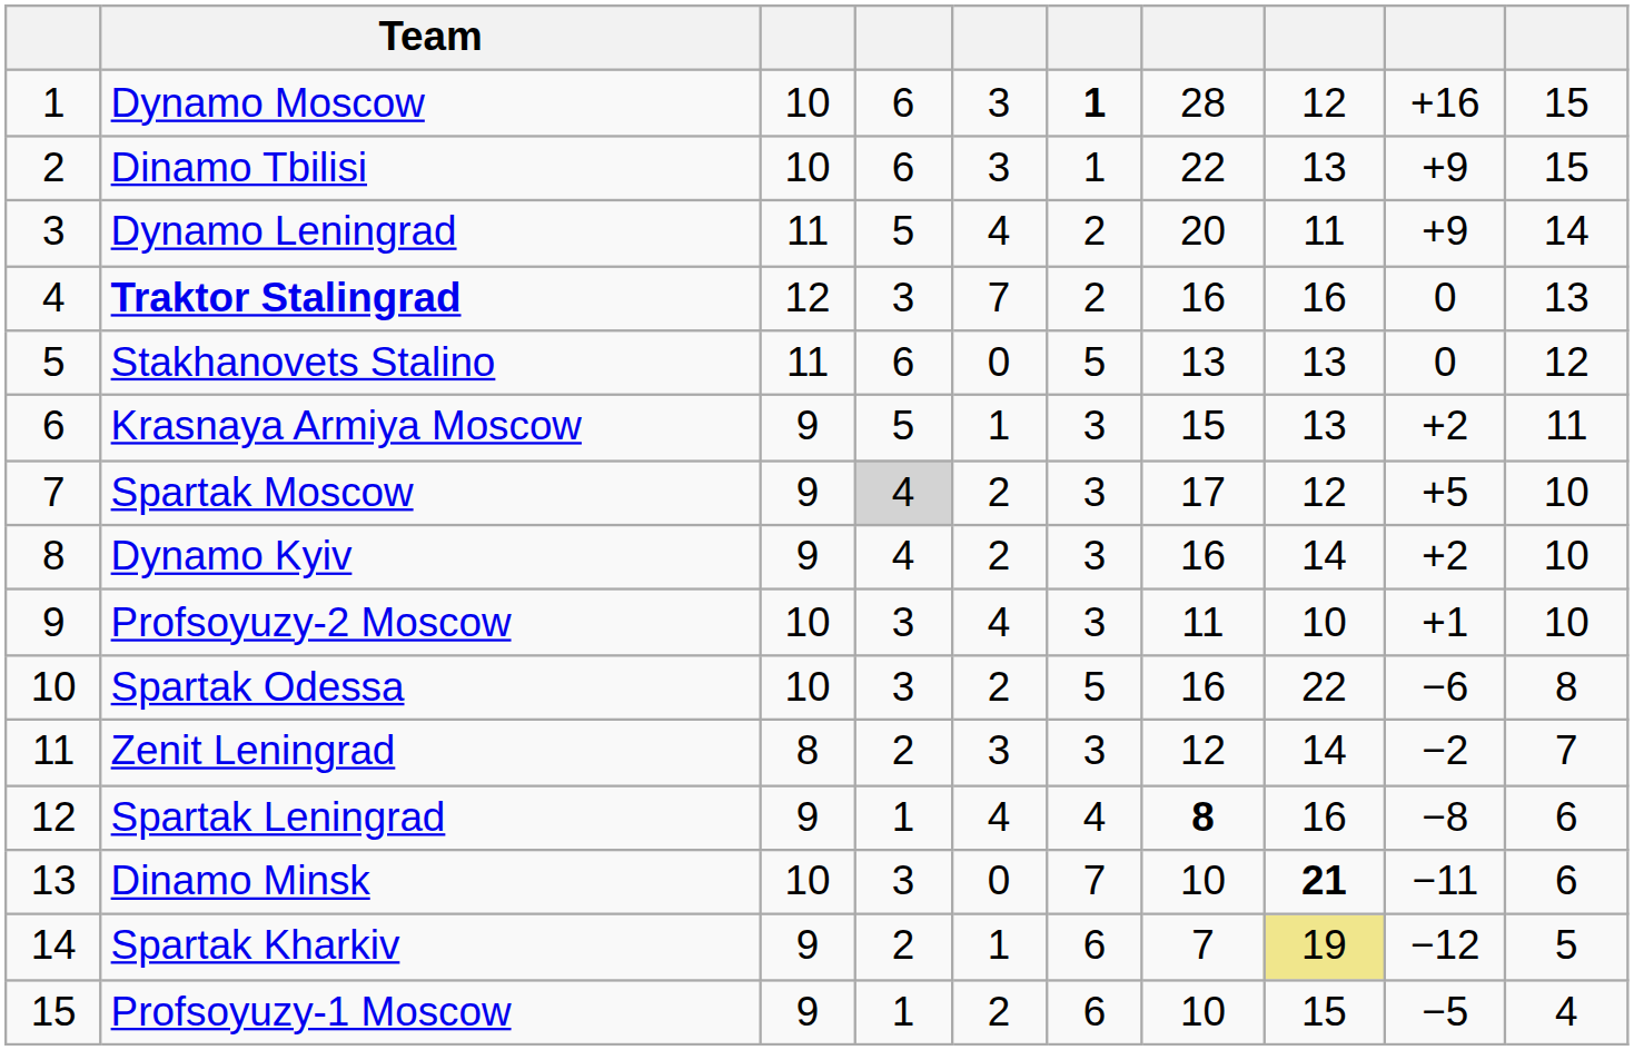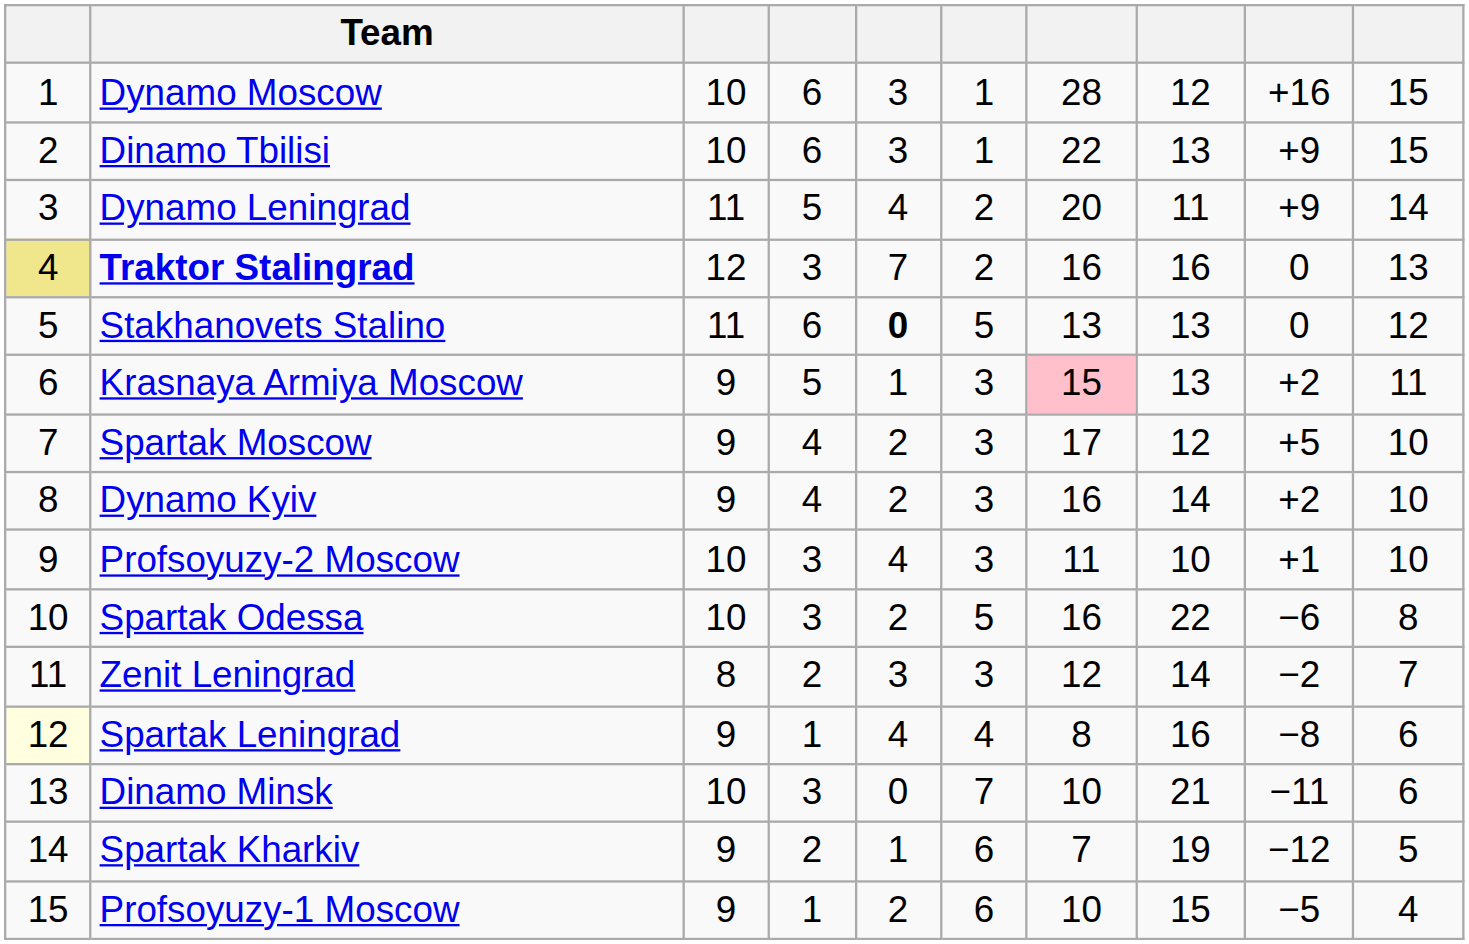 <table class="wikitable" style="text-align:center">
 <tr>
 <th width=30></th>
 <th width=250>Team</th>
 <th width=30></th>
 <th width=30></th>
 <th width=30></th>
 <th width=30></th>
 <th width=40></th>
 <th width=40></th>
 <th width=40></th>
 <th width=40></th>
 </tr>
 <tr>
 <td>1</td>
 <td align="left"><a href='#'>Dynamo Moscow</a></td>
 <td>10</td>
 <td>6</td>
 <td>3</td>
-<td><strong>1</strong></td>
+<td>1</td>
 <td>28</td>
 <td>12</td>
 <td>+16</td>
 <td>15</td>
 </tr>
 <tr>
 <td>2</td>
 <td align="left"><a href='#'>Dinamo Tbilisi</a></td>
 <td>10</td>
 <td>6</td>
 <td>3</td>
 <td>1</td>
 <td>22</td>
 <td>13</td>
 <td>+9</td>
 <td>15</td>
 </tr>
 <tr>
 <td>3</td>
 <td align="left"><a href='#'>Dynamo Leningrad</a></td>
 <td>11</td>
 <td>5</td>
 <td>4</td>
 <td>2</td>
 <td>20</td>
 <td>11</td>
 <td>+9</td>
 <td>14</td>
 </tr>
 <tr>
-<td>4</td>
+<td style="background: khaki;">4</td>
 <td align="left"><strong><a href='#'>Traktor Stalingrad</a></strong></td>
 <td>12</td>
 <td>3</td>
 <td>7</td>
 <td>2</td>
 <td>16</td>
 <td>16</td>
 <td>0</td>
 <td>13</td>
 </tr>
 <tr>
 <td>5</td>
 <td align="left"><a href='#'>Stakhanovets Stalino</a></td>
 <td>11</td>
 <td>6</td>
-<td>0</td>
+<td><strong>0</strong></td>
 <td>5</td>
 <td>13</td>
 <td>13</td>
 <td>0</td>
 <td>12</td>
 </tr>
 <tr>
 <td>6</td>
 <td align="left"><a href='#'>Krasnaya Armiya Moscow</a></td>
 <td>9</td>
 <td>5</td>
 <td>1</td>
 <td>3</td>
-<td>15</td>
+<td style="background: pink;">15</td>
 <td>13</td>
 <td>+2</td>
 <td>11</td>
 </tr>
 <tr>
 <td>7</td>
 <td align="left"><a href='#'>Spartak Moscow</a></td>
 <td>9</td>
-<td style="background: lightgrey;">4</td>
+<td>4</td>
 <td>2</td>
 <td>3</td>
 <td>17</td>
 <td>12</td>
 <td>+5</td>
 <td>10</td>
 </tr>
 <tr>
 <td>8</td>
 <td align="left"><a href='#'>Dynamo Kyiv</a></td>
 <td>9</td>
 <td>4</td>
 <td>2</td>
 <td>3</td>
 <td>16</td>
 <td>14</td>
 <td>+2</td>
 <td>10</td>
 </tr>
 <tr>
 <td>9</td>
 <td align="left"><a href='#'>Profsoyuzy-2 Moscow</a></td>
 <td>10</td>
 <td>3</td>
 <td>4</td>
 <td>3</td>
 <td>11</td>
 <td>10</td>
 <td>+1</td>
 <td>10</td>
 </tr>
 <tr>
 <td>10</td>
 <td align="left"><a href='#'>Spartak Odessa</a></td>
 <td>10</td>
 <td>3</td>
 <td>2</td>
 <td>5</td>
 <td>16</td>
 <td>22</td>
 <td>−6</td>
 <td>8</td>
 </tr>
 <tr>
 <td>11</td>
 <td align="left"><a href='#'>Zenit Leningrad</a></td>
 <td>8</td>
 <td>2</td>
 <td>3</td>
 <td>3</td>
 <td>12</td>
 <td>14</td>
 <td>−2</td>
 <td>7</td>
 </tr>
 <tr>
-<td>12</td>
+<td style="background: lightyellow;">12</td>
 <td align="left"><a href='#'>Spartak Leningrad</a></td>
 <td>9</td>
 <td>1</td>
 <td>4</td>
 <td>4</td>
-<td><strong>8</strong></td>
+<td>8</td>
 <td>16</td>
 <td>−8</td>
 <td>6</td>
 </tr>
 <tr>
 <td>13</td>
 <td align="left"><a href='#'>Dinamo Minsk</a></td>
 <td>10</td>
 <td>3</td>
 <td>0</td>
 <td>7</td>
 <td>10</td>
-<td><strong>21</strong></td>
+<td>21</td>
 <td>−11</td>
 <td>6</td>
 </tr>
 <tr>
 <td>14</td>
 <td align="left"><a href='#'>Spartak Kharkiv</a></td>
 <td>9</td>
 <td>2</td>
 <td>1</td>
 <td>6</td>
 <td>7</td>
-<td style="background: khaki;">19</td>
+<td>19</td>
 <td>−12</td>
 <td>5</td>
 </tr>
 <tr>
 <td>15</td>
 <td align="left"><a href='#'>Profsoyuzy-1 Moscow</a></td>
 <td>9</td>
 <td>1</td>
 <td>2</td>
 <td>6</td>
 <td>10</td>
 <td>15</td>
 <td>−5</td>
 <td>4</td>
 </tr>
 </table>
